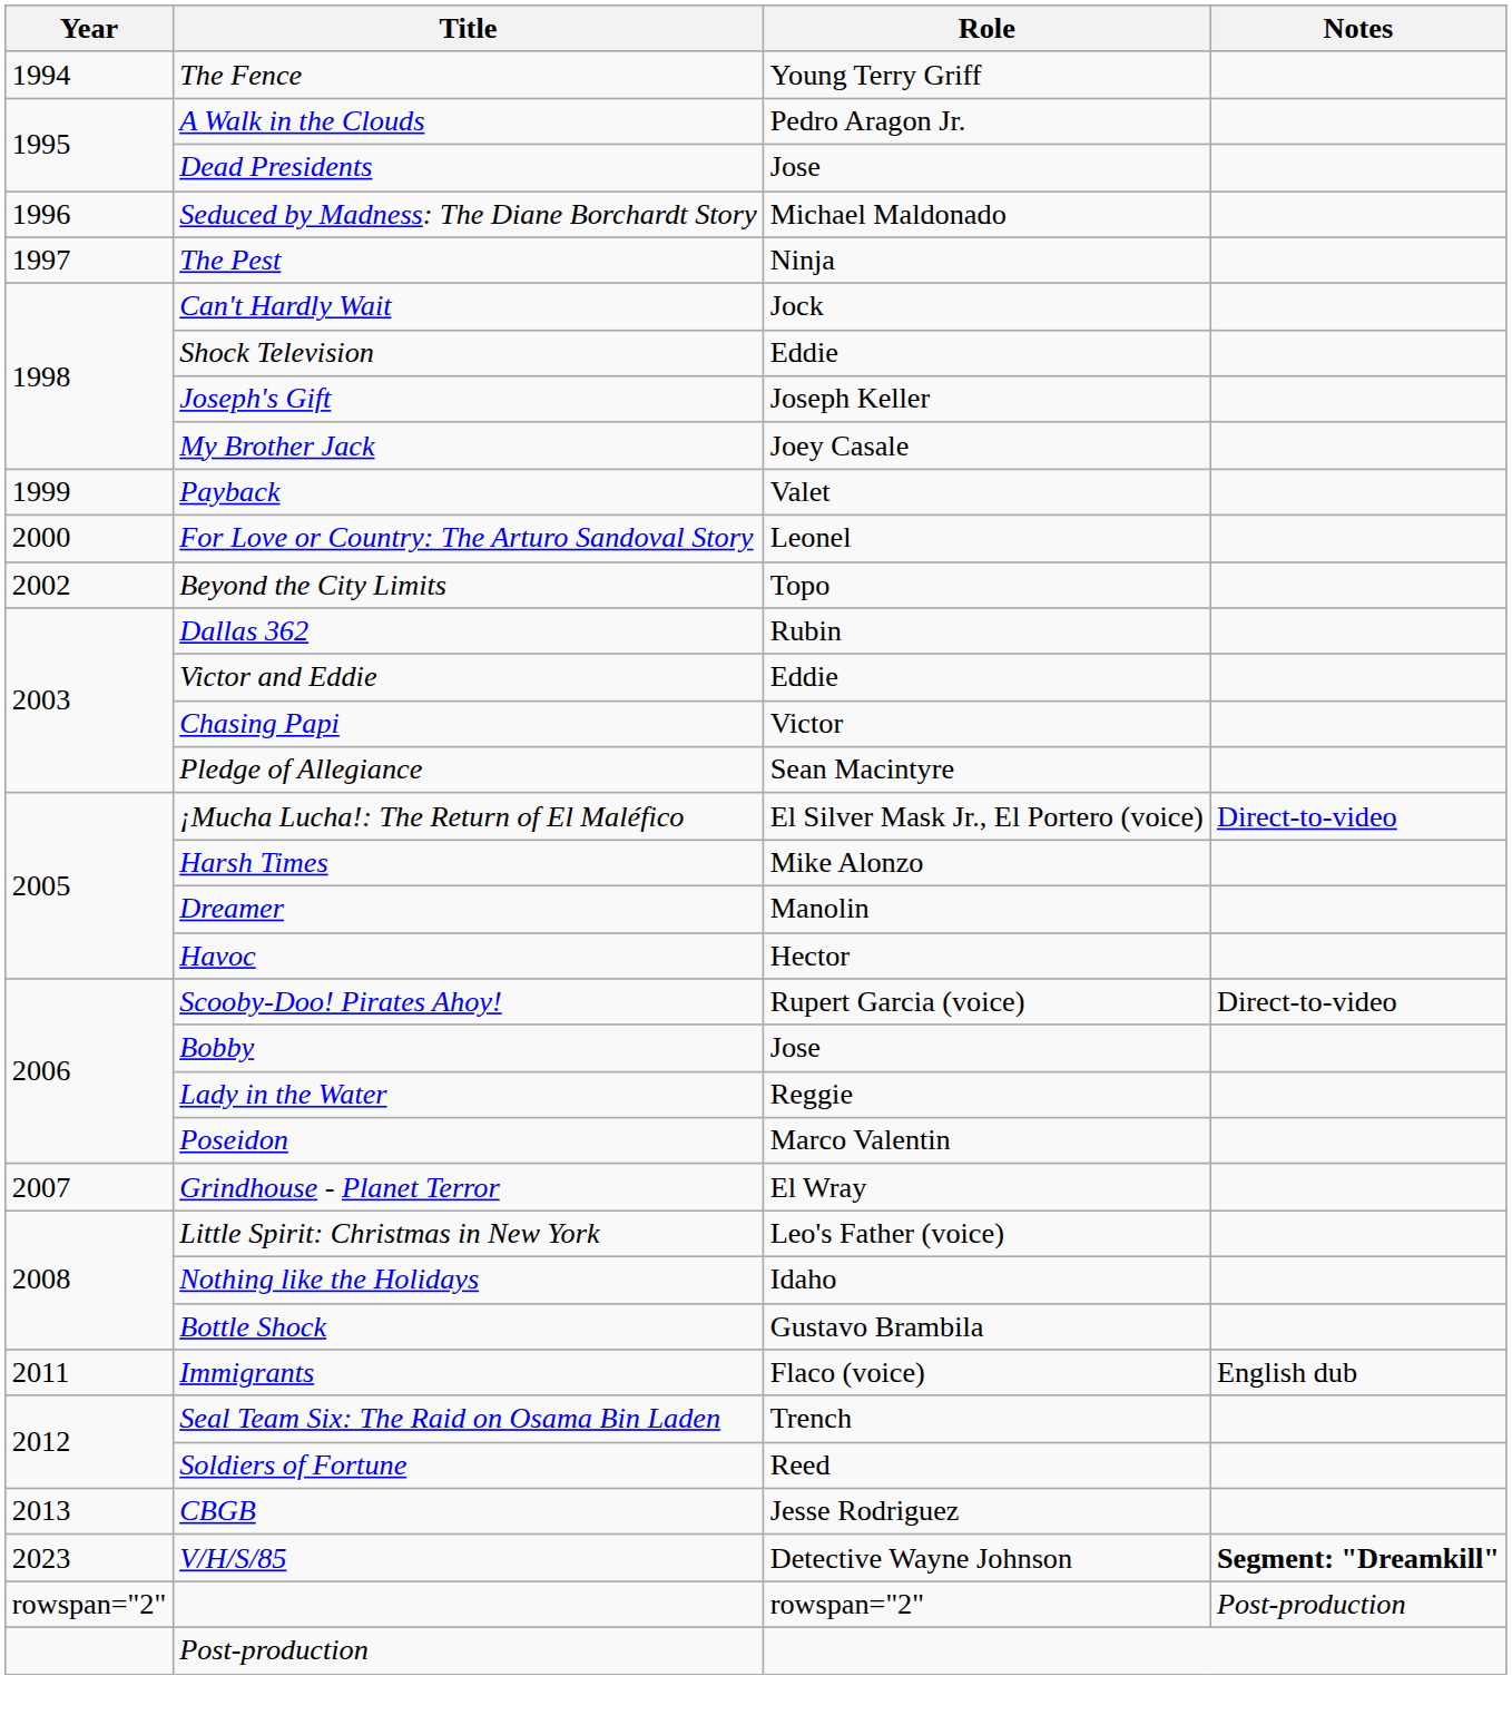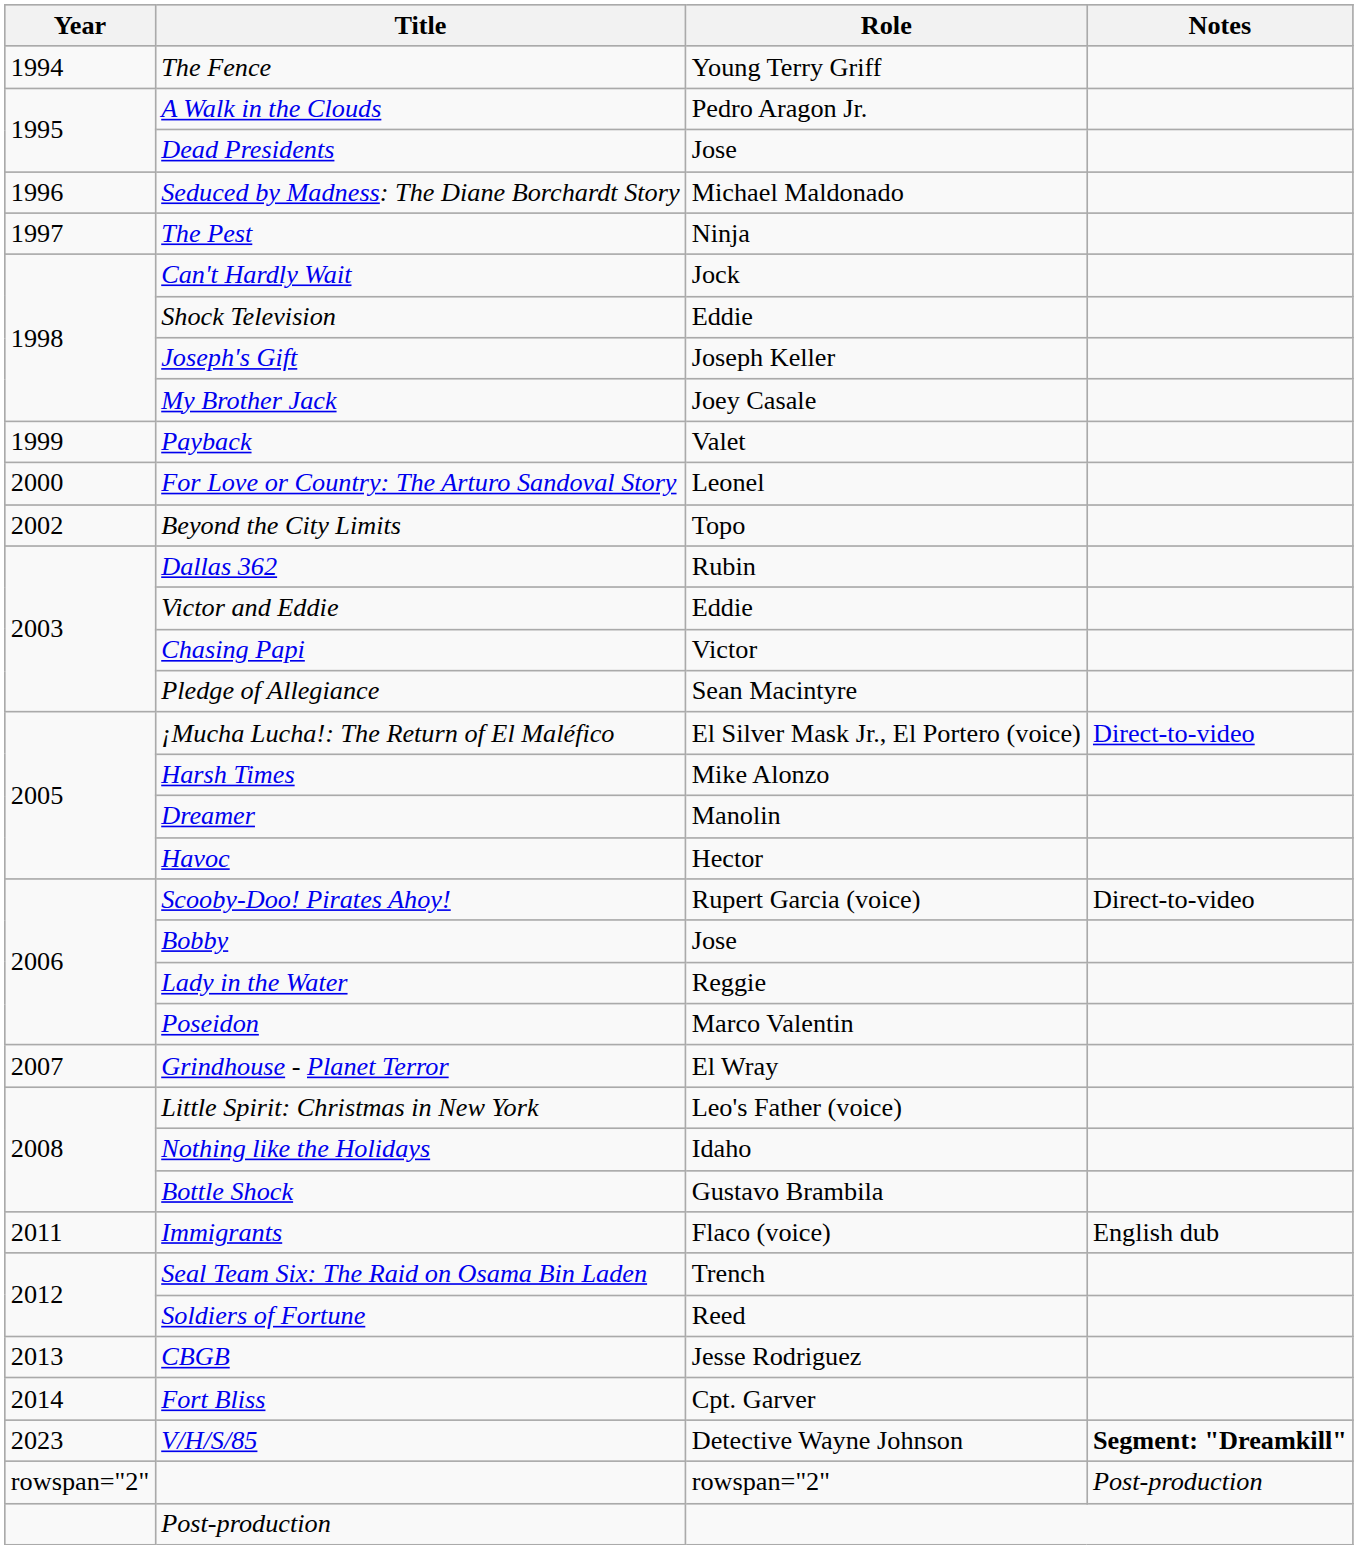 <table class="wikitable sortable">
 <tr>
 <th>Year</th>
 <th>Title</th>
 <th>Role</th>
 <th class="unsortable">Notes</th>
 </tr>
 <tr>
 <td>1994</td>
 <td><em>The Fence</em></td>
 <td>Young Terry Griff</td>
 <td></td>
 </tr>
 <tr>
 <td rowspan="2">1995</td>
 <td><em><a href='#'>A Walk in the Clouds</a></em></td>
 <td>Pedro Aragon Jr.</td>
 <td></td>
 </tr>
 <tr>
 <td><em><a href='#'>Dead Presidents</a></em></td>
 <td>Jose</td>
 <td></td>
 </tr>
 <tr>
 <td>1996</td>
 <td><em><a href='#'>Seduced by Madness</a>: The Diane Borchardt Story</em></td>
 <td>Michael Maldonado</td>
 <td></td>
 </tr>
 <tr>
 <td>1997</td>
 <td><em><a href='#'>The Pest</a></em></td>
 <td>Ninja</td>
 <td></td>
 </tr>
 <tr>
 <td rowspan="4">1998</td>
 <td><em><a href='#'>Can't Hardly Wait</a></em></td>
 <td>Jock</td>
 <td></td>
 </tr>
 <tr>
 <td><em>Shock Television</em></td>
 <td>Eddie</td>
 <td></td>
 </tr>
 <tr>
 <td><em><a href='#'>Joseph's Gift</a></em></td>
 <td>Joseph Keller</td>
 <td></td>
 </tr>
 <tr>
 <td><em><a href='#'>My Brother Jack</a></em></td>
 <td>Joey Casale</td>
 <td></td>
 </tr>
 <tr>
 <td>1999</td>
 <td><em><a href='#'>Payback</a></em></td>
 <td>Valet</td>
 <td></td>
 </tr>
 <tr>
 <td>2000</td>
 <td><em><a href='#'>For Love or Country: The Arturo Sandoval Story</a></em></td>
 <td>Leonel</td>
 <td></td>
 </tr>
 <tr>
 <td>2002</td>
 <td><em>Beyond the City Limits</em></td>
 <td>Topo</td>
 <td></td>
 </tr>
 <tr>
 <td rowspan="4">2003</td>
 <td><em><a href='#'>Dallas 362</a></em></td>
 <td>Rubin</td>
 <td></td>
 </tr>
 <tr>
 <td><em>Victor and Eddie</em></td>
 <td>Eddie</td>
 <td></td>
 </tr>
 <tr>
 <td><em><a href='#'>Chasing Papi</a></em></td>
 <td>Victor</td>
 <td></td>
 </tr>
 <tr>
 <td><em>Pledge of Allegiance</em></td>
 <td>Sean Macintyre</td>
 <td></td>
 </tr>
 <tr>
 <td rowspan="4">2005</td>
 <td><em>¡Mucha Lucha!: The Return of El Maléfico</em></td>
 <td>El Silver Mask Jr., El Portero (voice)</td>
 <td><a href='#'>Direct-to-video</a></td>
 </tr>
 <tr>
 <td><em><a href='#'>Harsh Times</a></em></td>
 <td>Mike Alonzo</td>
 <td></td>
 </tr>
 <tr>
 <td><em><a href='#'>Dreamer</a></em></td>
 <td>Manolin</td>
 <td></td>
 </tr>
 <tr>
 <td><em><a href='#'>Havoc</a></em></td>
 <td>Hector</td>
 <td></td>
 </tr>
 <tr>
 <td rowspan="4">2006</td>
 <td><em><a href='#'>Scooby-Doo! Pirates Ahoy!</a></em></td>
 <td>Rupert Garcia (voice)</td>
 <td>Direct-to-video</td>
 </tr>
 <tr>
 <td><em><a href='#'>Bobby</a></em></td>
 <td>Jose</td>
 <td></td>
 </tr>
 <tr>
 <td><em><a href='#'>Lady in the Water</a></em></td>
 <td>Reggie</td>
 <td></td>
 </tr>
 <tr>
 <td><em><a href='#'>Poseidon</a></em></td>
 <td>Marco Valentin</td>
 <td></td>
 </tr>
 <tr>
 <td>2007</td>
 <td><em><a href='#'>Grindhouse</a></em> - <em><a href='#'>Planet Terror</a></em></td>
 <td>El Wray</td>
 <td></td>
 </tr>
 <tr>
 <td rowspan="3">2008</td>
 <td><em>Little Spirit: Christmas in New York</em></td>
 <td>Leo's Father (voice)</td>
 <td></td>
 </tr>
 <tr>
 <td><em><a href='#'>Nothing like the Holidays</a></em></td>
 <td>Idaho</td>
 <td></td>
 </tr>
 <tr>
 <td><em><a href='#'>Bottle Shock</a></em></td>
 <td>Gustavo Brambila</td>
 <td></td>
 </tr>
 <tr>
 <td>2011</td>
 <td><em><a href='#'>Immigrants</a></em></td>
 <td>Flaco (voice)</td>
 <td>English dub</td>
 </tr>
 <tr>
 <td rowspan="2">2012</td>
 <td><em><a href='#'>Seal Team Six: The Raid on Osama Bin Laden</a></em></td>
 <td>Trench</td>
 <td></td>
 </tr>
 <tr>
 <td><em><a href='#'>Soldiers of Fortune</a></em></td>
 <td>Reed</td>
 <td></td>
 </tr>
 <tr>
 <td>2013</td>
 <td><em><a href='#'>CBGB</a></em></td>
 <td>Jesse Rodriguez</td>
 <td></td>
 </tr>
 <tr>
+<td>2014</td>
+<td><em><a href='#'>Fort Bliss</a></em></td>
+<td>Cpt. Garver</td>
+<td></td>
+</tr>
+<tr>
 <td>2023</td>
 <td><em><a href='#'>V/H/S/85</a></em></td>
 <td>Detective Wayne Johnson</td>
 <td><strong>Segment: "Dreamkill"</strong></td>
 </tr>
 <tr>
 <td>rowspan="2" </td>
 <td></td>
 <td>rowspan="2" </td>
 <td><em>Post-production</em></td>
 </tr>
 <tr>
 <td></td>
 <td><em>Post-production</em></td>
 </tr>
 </table>
